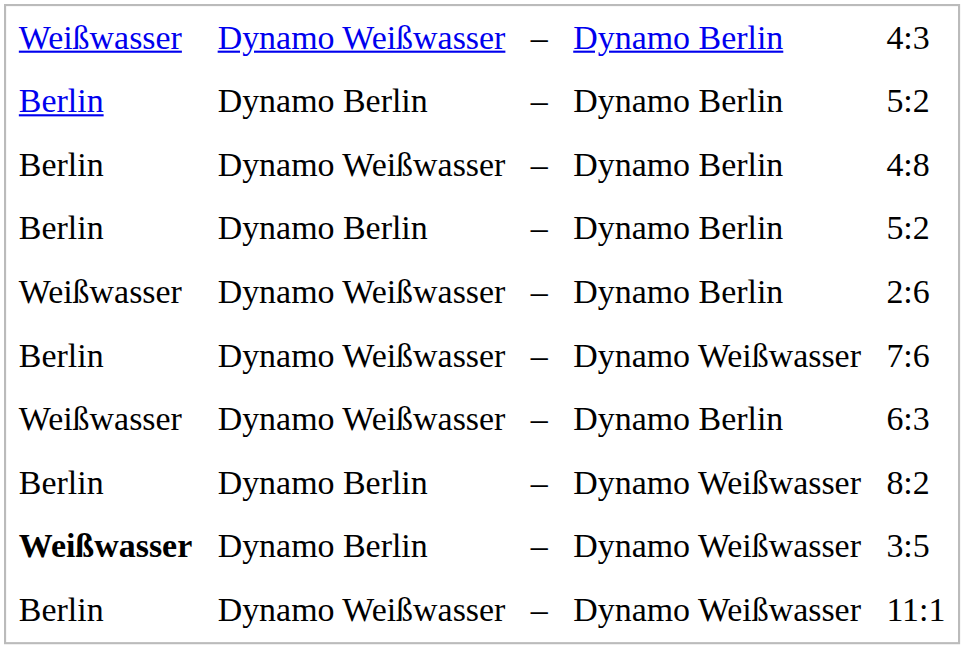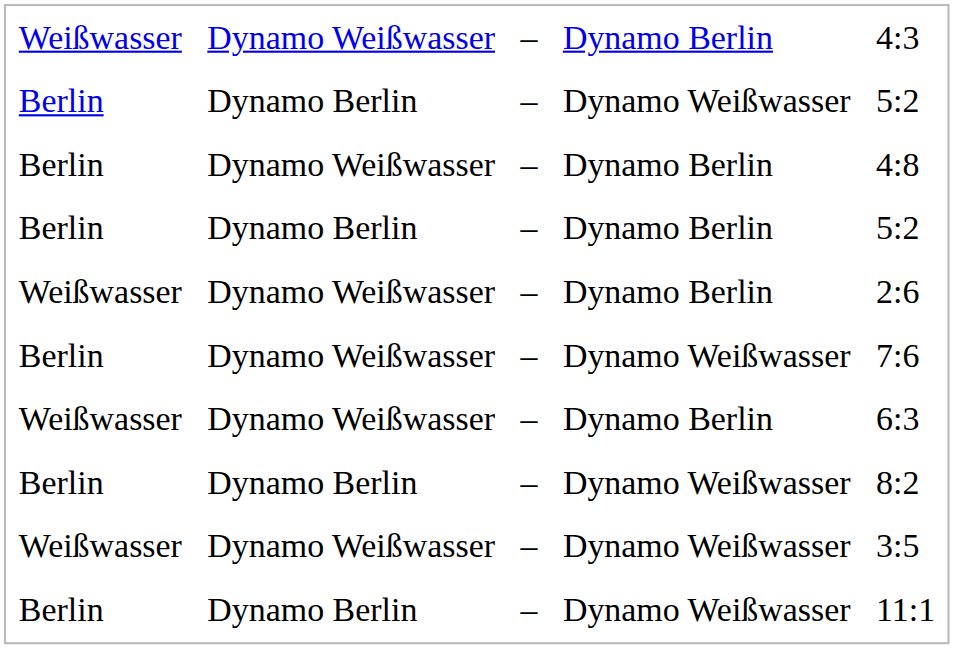 <table cellspacing="0" border="0" cellpadding="6" style="border:1px solid #bbb; background-color:#FFFFFF;">
 <tr>
 <td><a href='#'>Weißwasser</a></td>
 <td><a href='#'>Dynamo Weißwasser</a></td>
 <td>–</td>
 <td><a href='#'>Dynamo Berlin</a></td>
 <td>4:3</td>
 </tr>
 <tr>
 <td><a href='#'>Berlin</a></td>
 <td>Dynamo Berlin</td>
 <td>–</td>
-<td>Dynamo Berlin</td>
+<td>Dynamo Weißwasser</td>
 <td>5:2</td>
 </tr>
 <tr>
 <td>Berlin</td>
 <td>Dynamo Weißwasser</td>
 <td>–</td>
 <td>Dynamo Berlin</td>
 <td>4:8</td>
 </tr>
 <tr>
 <td>Berlin</td>
 <td>Dynamo Berlin</td>
 <td>–</td>
 <td>Dynamo Berlin</td>
 <td>5:2</td>
 </tr>
 <tr>
 <td>Weißwasser</td>
 <td>Dynamo Weißwasser</td>
 <td>–</td>
 <td>Dynamo Berlin</td>
 <td>2:6</td>
 </tr>
 <tr>
 <td>Berlin</td>
 <td>Dynamo Weißwasser</td>
 <td>–</td>
 <td>Dynamo Weißwasser</td>
 <td>7:6</td>
 </tr>
 <tr>
 <td>Weißwasser</td>
 <td>Dynamo Weißwasser</td>
 <td>–</td>
 <td>Dynamo Berlin</td>
 <td>6:3</td>
 </tr>
 <tr>
 <td>Berlin</td>
 <td>Dynamo Berlin</td>
 <td>–</td>
 <td>Dynamo Weißwasser</td>
 <td>8:2</td>
 </tr>
 <tr>
-<td><strong>Weißwasser</strong></td>
-<td>Dynamo Berlin</td>
+<td>Weißwasser</td>
+<td>Dynamo Weißwasser</td>
 <td>–</td>
 <td>Dynamo Weißwasser</td>
 <td>3:5</td>
 </tr>
 <tr>
 <td>Berlin</td>
-<td>Dynamo Weißwasser</td>
+<td>Dynamo Berlin</td>
 <td>–</td>
 <td>Dynamo Weißwasser</td>
 <td>11:1</td>
 </tr>
 </table>
